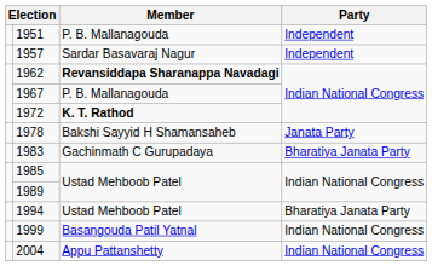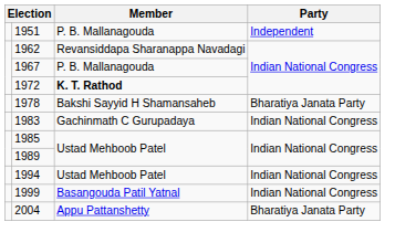 <table class="wikitable">
 <tr>
 <th colspan="2">Election</th>
 <th>Member</th>
 <th>Party</th>
 </tr>
 <tr>
 <td style="background-color: "></td>
 <td>1951</td>
 <td>P. B. Mallanagouda</td>
 <td><a href='#'>Independent</a></td>
 </tr>
 <tr>
-<td style="background-color: "></td>
-<td>1957</td>
-<td>Sardar Basavaraj Nagur</td>
-<td><a href='#'>Independent</a></td>
-</tr>
-<tr>
 <td rowspan="3" style="background-color: "></td>
 <td>1962</td>
-<td><strong>Revansiddapa Sharanappa Navadagi</strong></td>
+<td>Revansiddapa Sharanappa Navadagi</td>
 <td rowspan="3"><a href='#'>Indian National Congress</a></td>
 </tr>
 <tr>
 <td>1967</td>
 <td>P. B. Mallanagouda</td>
 </tr>
 <tr>
 <td>1972</td>
 <td><strong>K. T. Rathod</strong></td>
 </tr>
 <tr>
 <td style="background-color: "></td>
 <td>1978</td>
 <td>Bakshi Sayyid H Shamansaheb</td>
-<td><a href='#'>Janata Party</a></td>
+<td>Bharatiya Janata Party</td>
 </tr>
 <tr>
 <td style="background-color: "></td>
 <td>1983</td>
 <td>Gachinmath C Gurupadaya</td>
-<td><a href='#'>Bharatiya Janata Party</a></td>
+<td>Indian National Congress</td>
 </tr>
 <tr>
 <td rowspan="2" style="background-color: "></td>
 <td>1985</td>
 <td rowspan="2">Ustad Mehboob Patel</td>
 <td rowspan="2">Indian National Congress</td>
 </tr>
 <tr>
 <td>1989</td>
 </tr>
 <tr>
 <td style="background-color: "></td>
 <td>1994</td>
 <td>Ustad Mehboob Patel</td>
-<td>Bharatiya Janata Party</td>
+<td>Indian National Congress</td>
 </tr>
 <tr>
 <td style="background-color: "></td>
 <td>1999</td>
 <td><a href='#'>Basangouda Patil Yatnal</a></td>
 <td>Indian National Congress</td>
 </tr>
 <tr>
 <td rowspan="2" style="background-color: "></td>
 <td>2004</td>
 <td><a href='#'>Appu Pattanshetty</a></td>
-<td><a href='#'>Indian National Congress</a></td>
+<td>Bharatiya Janata Party</td>
 </tr>
 </table>
